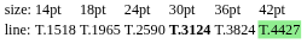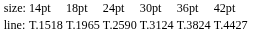 <table style="margin-left:40px;">
 <tr>
 <td>size:</td>
 <td>14pt</td>
 <td>18pt</td>
 <td>24pt</td>
 <td>30pt</td>
 <td>36pt</td>
 <td>42pt</td>
 </tr>
 <tr>
 <td>line:</td>
 <td>T.1518</td>
 <td>T.1965</td>
 <td>T.2590</td>
-<td><strong>T.3124</strong></td>
+<td>T.3124</td>
 <td>T.3824</td>
-<td style="background: lightgreen;">T.4427</td>
+<td>T.4427</td>
 </tr>
 </table>
